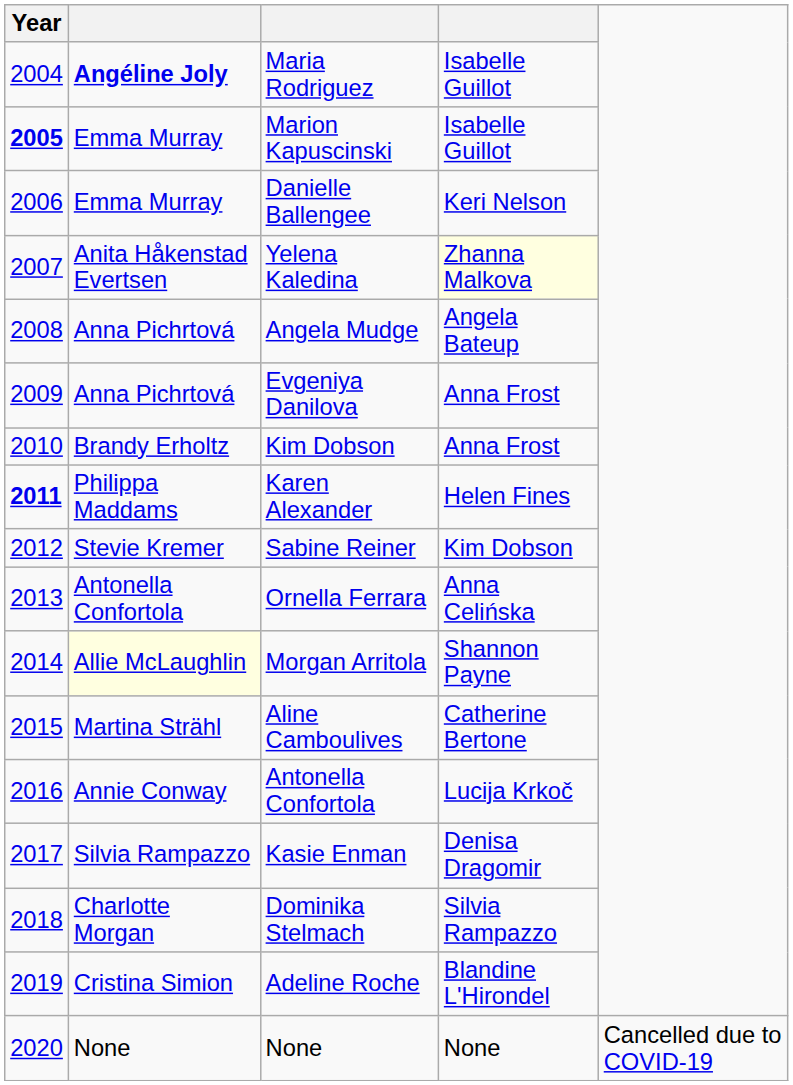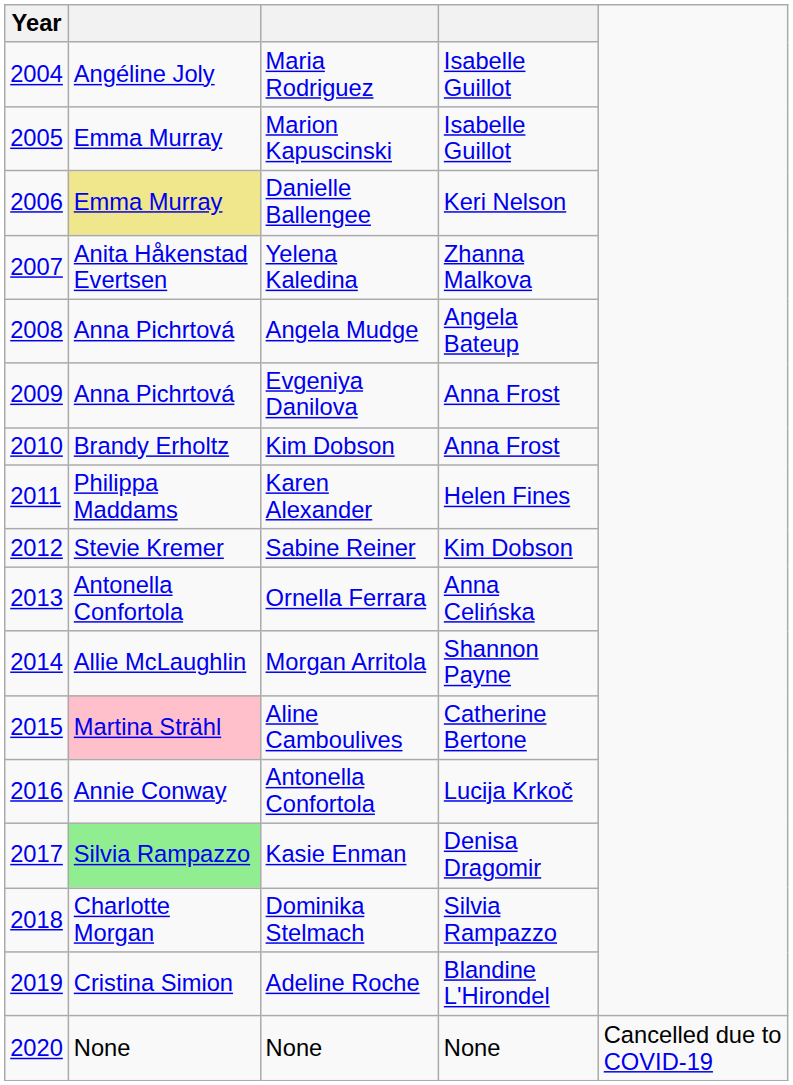 <table class="wikitable" width=60% style="font-size:100%; text-align:left;">
 <tr>
 <th>Year</th>
 <th></th>
 <th></th>
 <th></th>
 </tr>
 <tr>
 <td><a href='#'>2004</a></td>
-<td><strong> <a href='#'>Angéline Joly</a></strong></td>
+<td> <a href='#'>Angéline Joly</a></td>
 <td> <a href='#'>Maria Rodriguez</a></td>
 <td> <a href='#'>Isabelle Guillot</a></td>
 </tr>
 <tr>
-<td><strong><a href='#'>2005</a></strong></td>
+<td><a href='#'>2005</a></td>
 <td> <a href='#'>Emma Murray</a></td>
 <td> <a href='#'>Marion Kapuscinski</a></td>
 <td> <a href='#'>Isabelle Guillot</a></td>
 </tr>
 <tr>
 <td><a href='#'>2006</a></td>
-<td> <a href='#'>Emma Murray</a></td>
+<td style="background: khaki;"> <a href='#'>Emma Murray</a></td>
 <td> <a href='#'>Danielle Ballengee</a></td>
 <td> <a href='#'>Keri Nelson</a></td>
 </tr>
 <tr>
 <td><a href='#'>2007</a></td>
 <td> <a href='#'>Anita Håkenstad Evertsen</a></td>
 <td> <a href='#'>Yelena Kaledina</a></td>
-<td style="background: lightyellow;"> <a href='#'>Zhanna Malkova</a></td>
+<td> <a href='#'>Zhanna Malkova</a></td>
 </tr>
 <tr>
 <td><a href='#'>2008</a></td>
 <td> <a href='#'>Anna Pichrtová</a></td>
 <td> <a href='#'>Angela Mudge</a></td>
 <td> <a href='#'>Angela Bateup</a></td>
 </tr>
 <tr>
 <td><a href='#'>2009</a></td>
 <td> <a href='#'>Anna Pichrtová</a></td>
 <td> <a href='#'>Evgeniya Danilova</a></td>
 <td> <a href='#'>Anna Frost</a></td>
 </tr>
 <tr>
 <td><a href='#'>2010</a></td>
 <td> <a href='#'>Brandy Erholtz</a></td>
 <td> <a href='#'>Kim Dobson</a></td>
 <td> <a href='#'>Anna Frost</a></td>
 </tr>
 <tr>
-<td><strong><a href='#'>2011</a></strong></td>
+<td><a href='#'>2011</a></td>
 <td> <a href='#'>Philippa Maddams</a></td>
 <td> <a href='#'>Karen Alexander</a></td>
 <td> <a href='#'>Helen Fines</a></td>
 </tr>
 <tr>
 <td><a href='#'>2012</a></td>
 <td> <a href='#'>Stevie Kremer</a></td>
 <td> <a href='#'>Sabine Reiner</a></td>
 <td> <a href='#'>Kim Dobson</a></td>
 </tr>
 <tr>
 <td><a href='#'>2013</a></td>
 <td> <a href='#'>Antonella Confortola</a></td>
 <td> <a href='#'>Ornella Ferrara</a></td>
 <td> <a href='#'>Anna Celińska</a></td>
 </tr>
 <tr>
 <td><a href='#'>2014</a></td>
-<td style="background: lightyellow;"> <a href='#'>Allie McLaughlin</a></td>
+<td> <a href='#'>Allie McLaughlin</a></td>
 <td> <a href='#'>Morgan Arritola</a></td>
 <td> <a href='#'>Shannon Payne</a></td>
 </tr>
 <tr>
 <td><a href='#'>2015</a></td>
-<td> <a href='#'>Martina Strähl</a></td>
+<td style="background: pink;"> <a href='#'>Martina Strähl</a></td>
 <td> <a href='#'>Aline Camboulives</a></td>
 <td> <a href='#'>Catherine Bertone</a></td>
 </tr>
 <tr>
 <td><a href='#'>2016</a></td>
 <td> <a href='#'>Annie Conway</a></td>
 <td> <a href='#'>Antonella Confortola</a></td>
 <td> <a href='#'>Lucija Krkoč</a></td>
 </tr>
 <tr>
 <td><a href='#'>2017</a></td>
-<td> <a href='#'>Silvia Rampazzo</a></td>
+<td style="background: lightgreen;"> <a href='#'>Silvia Rampazzo</a></td>
 <td> <a href='#'>Kasie Enman</a></td>
 <td> <a href='#'>Denisa Dragomir</a></td>
 </tr>
 <tr>
 <td><a href='#'>2018</a></td>
 <td> <a href='#'>Charlotte Morgan</a></td>
 <td> <a href='#'>Dominika Stelmach</a></td>
 <td> <a href='#'>Silvia Rampazzo</a></td>
 </tr>
 <tr>
 <td><a href='#'>2019</a></td>
 <td> <a href='#'>Cristina Simion</a></td>
 <td> <a href='#'>Adeline Roche</a></td>
 <td> <a href='#'>Blandine L'Hirondel</a></td>
 </tr>
 <tr>
 <td><a href='#'>2020</a></td>
 <td>None</td>
 <td>None</td>
 <td>None</td>
 <td>Cancelled due to <a href='#'>COVID-19</a></td>
 </tr>
 </table>
